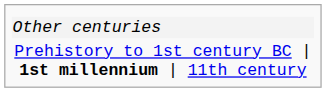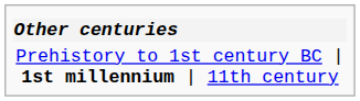 <table class="infobox" width=250>
 <tr>
 <td></td>
 </tr>
 <tr style="background-color:#f3f3f3">
-<td><em>Other centuries</em></td>
+<td><strong><em>Other centuries</em></strong></td>
 </tr>
 <tr>
 <td align="center"><a href='#'>Prehistory to 1st century BC</a> | <strong>1st millennium</strong> | <a href='#'>11th century</a></td>
 </tr>
 </table>
